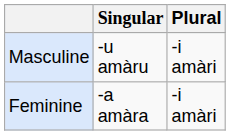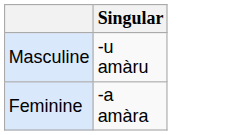 <table class="wikitable">
 <tr style="font-style:normal; font-weight:normal; background-color:#dae8fc;">
 <th></th>
 <th style="font-family:serif !important;">Singular</th>
-<th>Plural</th>
 </tr>
 <tr>
 <td style="background-color:#dae8fc; font-style:normal; font-weight:normal;">Masculine</td>
 <td>-u<br>amàru<br></td>
-<td>-i<br>amàri<br></td>
 </tr>
 <tr>
 <td style="background-color:#dae8fc; font-style:normal; font-weight:normal;">Feminine</td>
 <td>-a<br>amàra<br></td>
-<td>-i<br>amàri<br></td>
 </tr>
 </table>
